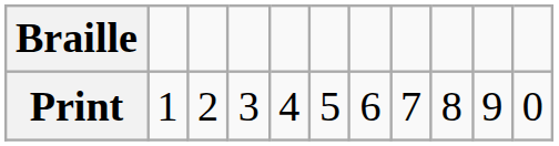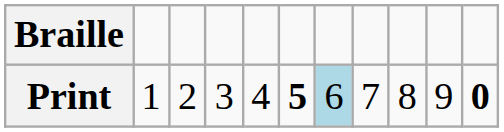 <table class="wikitable Unicode" style="text-align:center;">
 <tr>
 <th>Braille</th>
 <td></td>
 <td></td>
 <td></td>
 <td></td>
 <td></td>
 <td></td>
 <td></td>
 <td></td>
 <td></td>
 <td></td>
 </tr>
 <tr>
 <th>Print</th>
 <td>1</td>
 <td>2</td>
 <td>3</td>
 <td>4</td>
-<td>5</td>
-<td>6</td>
+<td><strong>5</strong></td>
+<td style="background: lightblue;">6</td>
 <td>7</td>
 <td>8</td>
 <td>9</td>
-<td>0</td>
+<td><strong>0</strong></td>
 </tr>
 </table>
